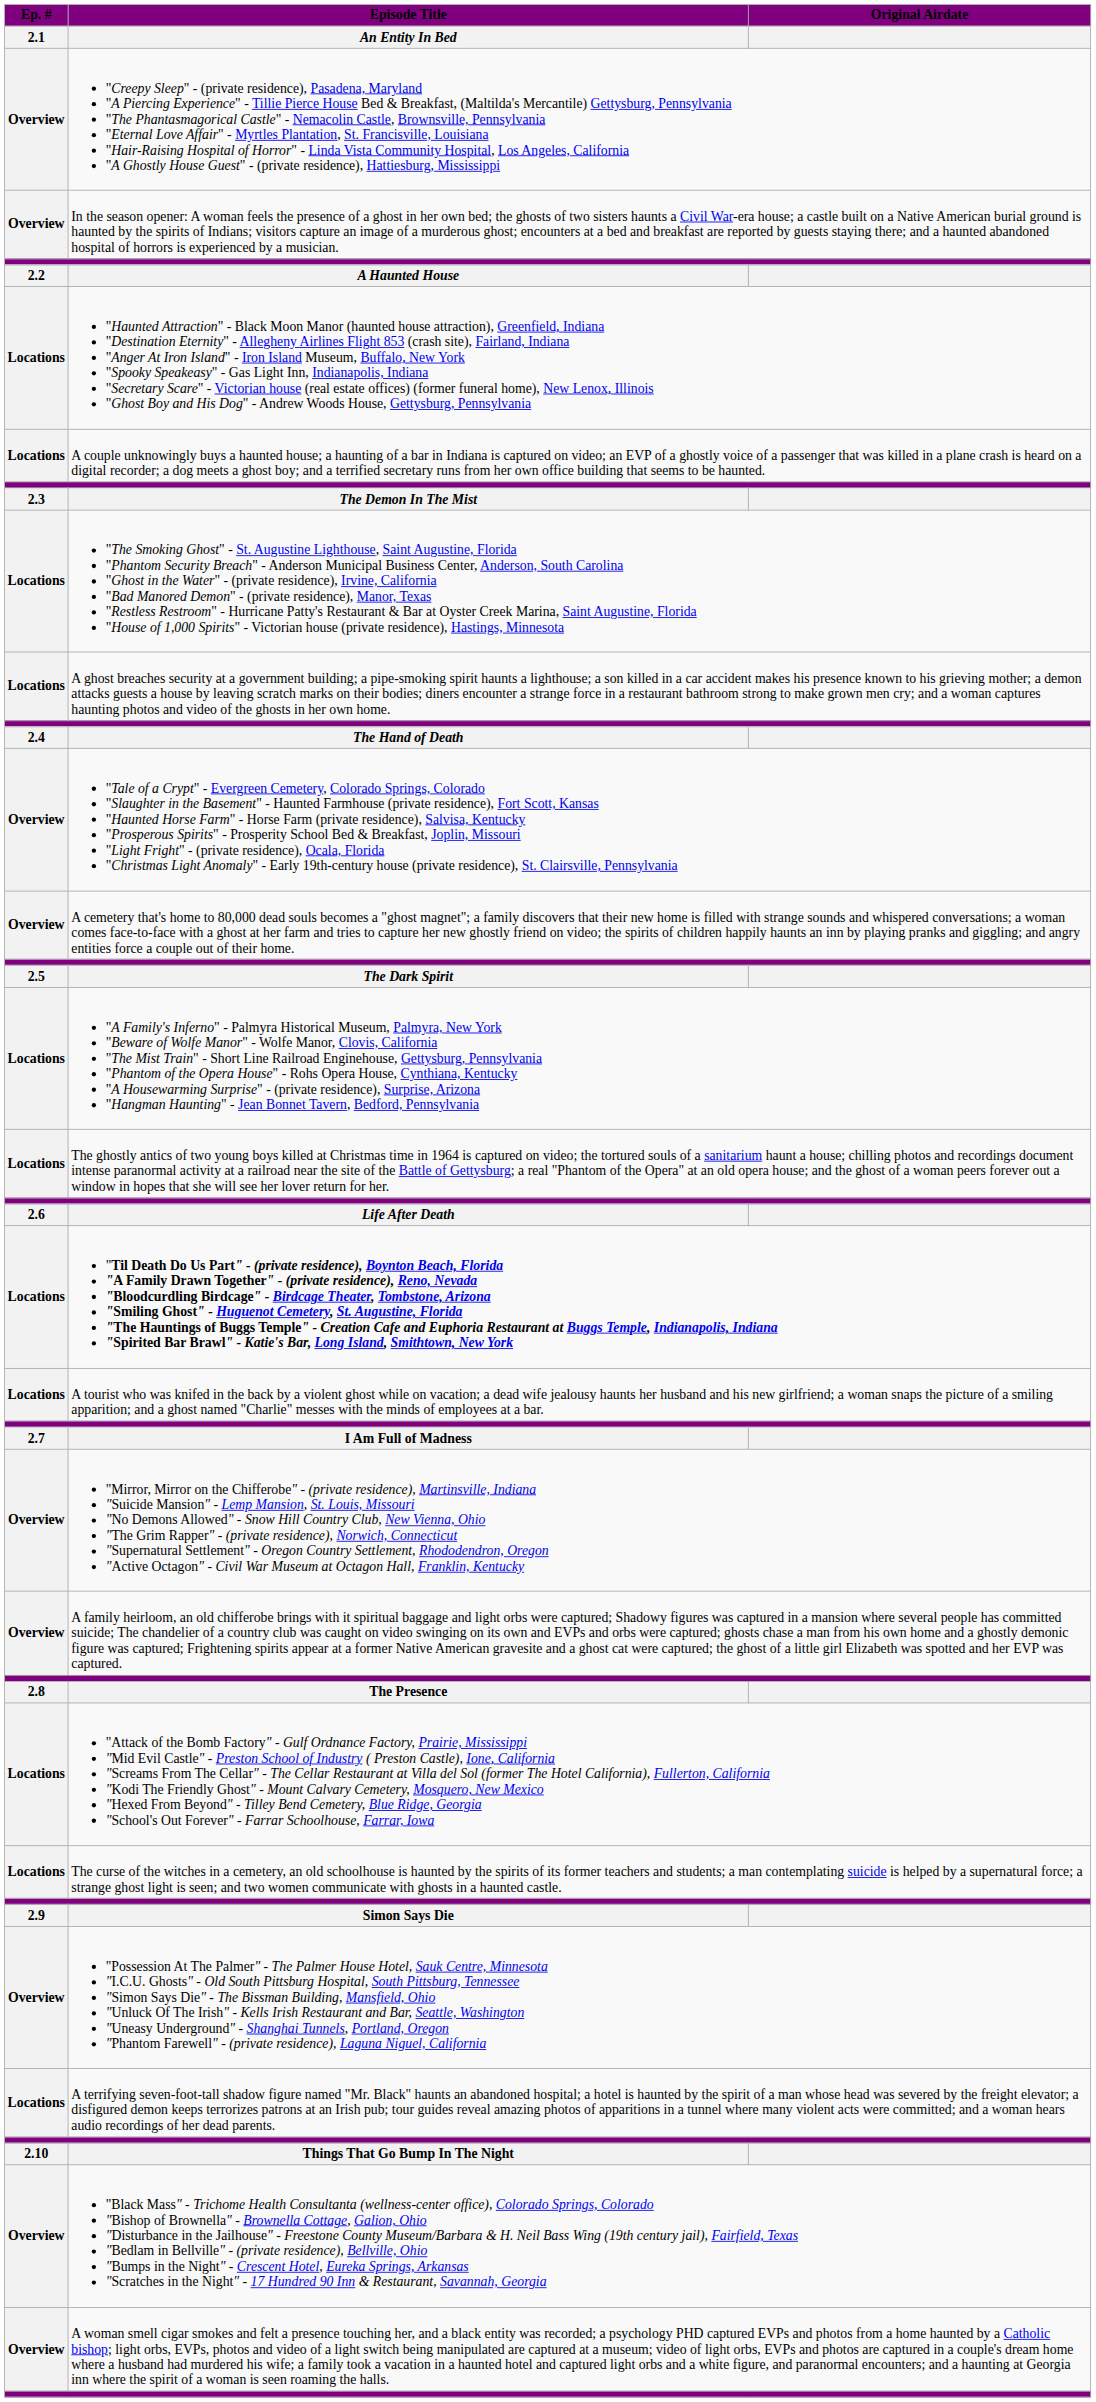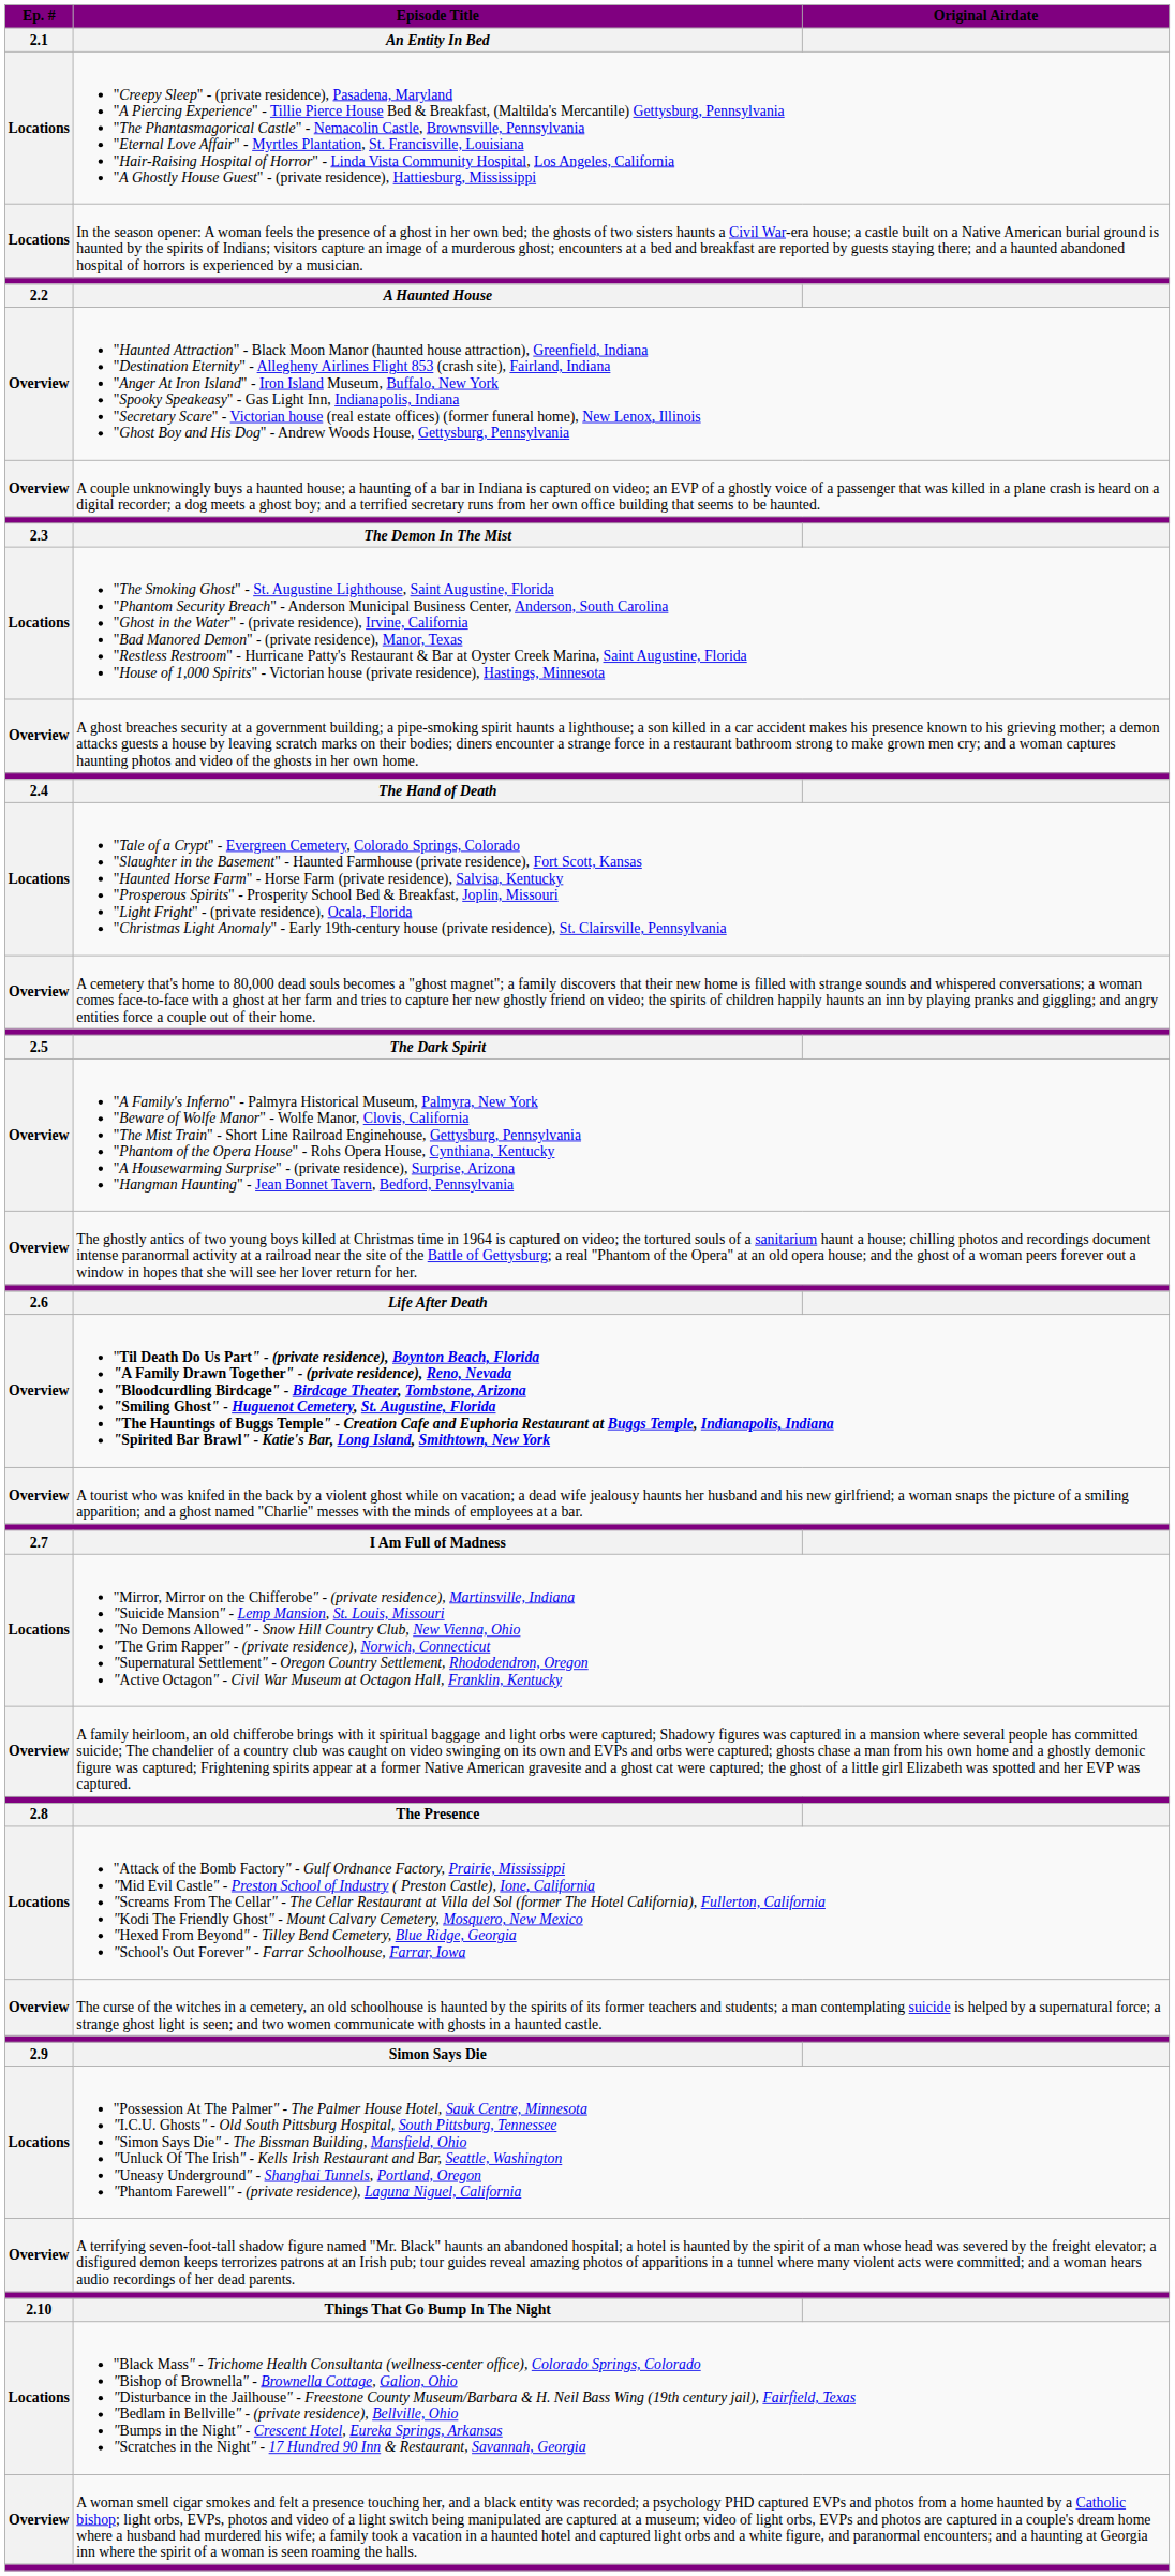 <table class="wikitable" style="width:100%;" style=background:#FFFFFF;">
 <tr>
 <th style="background:purple;"><span>Ep. #</span></th>
 <th style="background:purple;"><span>Episode Title</span></th>
 <th style="background:purple;"><span>Original Airdate</span></th>
 </tr>
 <tr>
 <th>2.1</th>
 <th><em>An Entity In Bed</em></th>
 <th></th>
 </tr>
 <tr>
-<th>Overview</th>
+<th>Locations</th>
 <td colspan="3"><br><ul><li>"<em>Creepy Sleep</em>" - (private residence), <a href='#'>Pasadena, Maryland</a></li><li>"<em>A Piercing Experience</em>" - <a href='#'>Tillie Pierce House</a> Bed & Breakfast, (Maltilda's Mercantile) <a href='#'>Gettysburg, Pennsylvania</a></li><li>"<em>The Phantasmagorical Castle</em>" - <a href='#'>Nemacolin Castle</a>, <a href='#'>Brownsville, Pennsylvania</a></li><li>"<em>Eternal Love Affair</em>" - <a href='#'>Myrtles Plantation</a>, <a href='#'>St. Francisville, Louisiana</a></li><li>"<em>Hair-Raising Hospital of Horror</em>" - <a href='#'>Linda Vista Community Hospital</a>, <a href='#'>Los Angeles, California</a></li><li>"<em>A Ghostly House Guest</em>" - (private residence), <a href='#'>Hattiesburg, Mississippi</a></li></ul></td>
 </tr>
 <tr>
-<th>Overview</th>
+<th>Locations</th>
 <td colspan="3"><br>In the season opener: A woman feels the presence of a ghost in her own bed; the ghosts of two sisters haunts a <a href='#'>Civil War</a>-era house; a castle built on a Native American burial ground is haunted by the spirits of Indians; visitors capture an image of a murderous ghost; encounters at a bed and breakfast are reported by guests staying there; and a haunted abandoned hospital of horrors is experienced by a musician.</td>
 </tr>
 <tr>
 <td colspan="3" style="background:purple;"></td>
 </tr>
 <tr>
 <th>2.2</th>
 <th><em>A Haunted House</em></th>
 <th></th>
 </tr>
 <tr>
-<th>Locations</th>
+<th>Overview</th>
 <td colspan="3"><br><ul><li>"<em>Haunted Attraction</em>" - Black Moon Manor (haunted house attraction), <a href='#'>Greenfield, Indiana</a></li><li>"<em>Destination Eternity</em>" - <a href='#'>Allegheny Airlines Flight 853</a> (crash site), <a href='#'>Fairland, Indiana</a></li><li>"<em>Anger At Iron Island</em>" - <a href='#'>Iron Island</a> Museum, <a href='#'>Buffalo, New York</a></li><li>"<em>Spooky Speakeasy</em>" - Gas Light Inn, <a href='#'>Indianapolis, Indiana</a></li><li>"<em>Secretary Scare</em>" - <a href='#'>Victorian house</a> (real estate offices) (former funeral home), <a href='#'>New Lenox, Illinois</a></li><li>"<em>Ghost Boy and His Dog</em>" - Andrew Woods House, <a href='#'>Gettysburg, Pennsylvania</a></li></ul></td>
 </tr>
 <tr>
-<th>Locations</th>
+<th>Overview</th>
 <td colspan="3"><br>A couple unknowingly buys a haunted house; a haunting of a bar in Indiana is captured on video; an EVP of a ghostly voice of a passenger that was killed in a plane crash is heard on a digital recorder; a dog meets a ghost boy; and a terrified secretary runs from her own office building that seems to be haunted.</td>
 </tr>
 <tr>
 <td colspan="3" style="background:purple;"></td>
 </tr>
 <tr>
 <th>2.3</th>
 <th><em>The Demon In The Mist</em></th>
 <th></th>
 </tr>
 <tr>
 <th>Locations</th>
 <td colspan="3"><br><ul><li>"<em>The Smoking Ghost</em>" - <a href='#'>St. Augustine Lighthouse</a>, <a href='#'>Saint Augustine, Florida</a></li><li>"<em>Phantom Security Breach</em>" - Anderson Municipal Business Center, <a href='#'>Anderson, South Carolina</a></li><li>"<em>Ghost in the Water</em>" - (private residence), <a href='#'>Irvine, California</a></li><li>"<em>Bad Manored Demon</em>" - (private residence), <a href='#'>Manor, Texas</a></li><li>"<em>Restless Restroom</em>" - Hurricane Patty's Restaurant & Bar at Oyster Creek Marina, <a href='#'>Saint Augustine, Florida</a></li><li>"<em>House of 1,000 Spirits</em>" - Victorian house (private residence), <a href='#'>Hastings, Minnesota</a></li></ul></td>
 </tr>
 <tr>
-<th>Locations</th>
+<th>Overview</th>
 <td colspan="3"><br>A ghost breaches security at a government building; a pipe-smoking spirit haunts a lighthouse; a son killed in a car accident makes his presence known to his grieving mother; a demon attacks guests a house by leaving scratch marks on their bodies; diners encounter a strange force in a restaurant bathroom strong to make grown men cry; and a woman captures haunting photos and video of the ghosts in her own home.</td>
 </tr>
 <tr>
 <td colspan="3" style="background:purple;"></td>
 </tr>
 <tr>
 <th>2.4</th>
 <th><em>The Hand of Death</em></th>
 <th></th>
 </tr>
 <tr>
-<th>Overview</th>
+<th>Locations</th>
 <td colspan="3"><br><ul><li>"<em>Tale of a Crypt</em>" - <a href='#'>Evergreen Cemetery</a>, <a href='#'>Colorado Springs, Colorado</a></li><li>"<em>Slaughter in the Basement</em>" - Haunted Farmhouse (private residence), <a href='#'>Fort Scott, Kansas</a></li><li>"<em>Haunted Horse Farm</em>" - Horse Farm (private residence), <a href='#'>Salvisa, Kentucky</a></li><li>"<em>Prosperous Spirits</em>" - Prosperity School Bed & Breakfast, <a href='#'>Joplin, Missouri</a></li><li>"<em>Light Fright</em>" - (private residence), <a href='#'>Ocala, Florida</a></li><li>"<em>Christmas Light Anomaly</em>" - Early 19th-century house (private residence), <a href='#'>St. Clairsville, Pennsylvania</a></li></ul></td>
 </tr>
 <tr>
 <th>Overview</th>
 <td colspan="3"><br>A cemetery that's home to 80,000 dead souls becomes a "ghost magnet"; a family discovers that their new home is filled with strange sounds and whispered conversations; a woman comes face-to-face with a ghost at her farm and tries to capture her new ghostly friend on video; the spirits of children happily haunts an inn by playing pranks and giggling; and angry entities force a couple out of their home.</td>
 </tr>
 <tr>
 <td colspan="3" style="background:purple;"></td>
 </tr>
 <tr>
 <th>2.5</th>
 <th><em>The Dark Spirit</em></th>
 <th></th>
 </tr>
 <tr>
-<th>Locations</th>
+<th>Overview</th>
 <td colspan="3"><br><ul><li>"<em>A Family's Inferno</em>" - Palmyra Historical Museum, <a href='#'>Palmyra, New York</a></li><li>"<em>Beware of Wolfe Manor</em>" - Wolfe Manor, <a href='#'>Clovis, California</a></li><li>"<em>The Mist Train</em>" - Short Line Railroad Enginehouse, <a href='#'>Gettysburg, Pennsylvania</a></li><li>"<em>Phantom of the Opera House</em>" - Rohs Opera House, <a href='#'>Cynthiana, Kentucky</a></li><li>"<em>A Housewarming Surprise</em>" - (private residence), <a href='#'>Surprise, Arizona</a></li><li>"<em>Hangman Haunting</em>" - <a href='#'>Jean Bonnet Tavern</a>, <a href='#'>Bedford, Pennsylvania</a></li></ul></td>
 </tr>
 <tr>
-<th>Locations</th>
+<th>Overview</th>
 <td colspan="3"><br>The ghostly antics of two young boys killed at Christmas time in 1964 is captured on video; the tortured souls of a <a href='#'>sanitarium</a> haunt a house; chilling photos and recordings document intense paranormal activity at a railroad near the site of the <a href='#'>Battle of Gettysburg</a>; a real "Phantom of the Opera" at an old opera house; and the ghost of a woman peers forever out a window in hopes that she will see her lover return for her.</td>
 </tr>
 <tr>
 <td colspan="3" style="background:purple;"></td>
 </tr>
 <tr>
 <th>2.6</th>
 <th><em>Life After Death</em></th>
 <th></th>
 </tr>
 <tr>
-<th>Locations</th>
+<th>Overview</th>
 <td colspan="3"><br><ul><li>"<strong>Til Death Do Us Part<em>" - (private residence), <a href='#'>Boynton Beach, Florida</a></li><li>"</em>A Family Drawn Together<em>" - (private residence), <a href='#'>Reno, Nevada</a></li><li>"</em>Bloodcurdling Birdcage<em>" - <a href='#'>Birdcage Theater</a>, <a href='#'>Tombstone, Arizona</a></li><li>"</em>Smiling Ghost<em>" - <a href='#'>Huguenot Cemetery</a>, <a href='#'>St. Augustine, Florida</a></li><li>"</em>The Hauntings of Buggs Temple<em>" - Creation Cafe and Euphoria Restaurant at <a href='#'>Buggs Temple</a>, <a href='#'>Indianapolis, Indiana</a></li><li>"</em>Spirited Bar Brawl<em>" - Katie's Bar, <a href='#'>Long Island</a>, <a href='#'>Smithtown, New York</a></li></ul></td>
 </tr>
 <tr>
-<th>Locations</th>
+<th>Overview</th>
 <td colspan="3"><br>A tourist who was knifed in the back by a violent ghost while on vacation; a dead wife jealousy haunts her husband and his new girlfriend; a woman snaps the picture of a smiling apparition; and a ghost named "Charlie" messes with the minds of employees at a bar.</td>
 </tr>
 <tr>
 <td colspan="3" style="background:purple;"></td>
 </tr>
 <tr>
 <th>2.7</th>
 <th></em>I Am Full of Madness<em></th>
 <th></th>
 </tr>
 <tr>
-<th>Overview</th>
+<th>Locations</th>
 <td colspan="3"><br><ul><li>"</em>Mirror, Mirror on the Chifferobe<em>" - (private residence), <a href='#'>Martinsville, Indiana</a></li><li>"</em>Suicide Mansion<em>" - <a href='#'>Lemp Mansion</a>, <a href='#'>St. Louis, Missouri</a></li><li>"</em>No Demons Allowed<em>" - Snow Hill Country Club, <a href='#'>New Vienna, Ohio</a></li><li>"</em>The Grim Rapper<em>" - (private residence), <a href='#'>Norwich, Connecticut</a></li><li>"</em>Supernatural Settlement<em>" - Oregon Country Settlement, <a href='#'>Rhododendron, Oregon</a></li><li>"</em>Active Octagon<em>" - Civil War Museum at Octagon Hall, <a href='#'>Franklin, Kentucky</a></li></ul></td>
 </tr>
 <tr>
 <th>Overview</th>
 <td colspan="3"><br>A family heirloom, an old chifferobe brings with it spiritual baggage and light orbs were captured; Shadowy figures was captured in a mansion where several people has committed suicide; The chandelier of a country club was caught on video swinging on its own and EVPs and orbs were captured; ghosts chase a man from his own home and a ghostly demonic figure was captured; Frightening spirits appear at a former Native American gravesite and a ghost cat were captured; the ghost of a little girl Elizabeth was spotted and her EVP was captured.</td>
 </tr>
 <tr>
 <td colspan="3" style="background:purple;"></td>
 </tr>
 <tr>
 <th>2.8</th>
 <th></em>The Presence<em></th>
 <th></th>
 </tr>
 <tr>
 <th>Locations</th>
 <td colspan="3"><br><ul><li>"</em>Attack of the Bomb Factory<em>" - Gulf Ordnance Factory, <a href='#'>Prairie, Mississippi</a></li><li>"</em>Mid Evil Castle<em>" - <a href='#'>Preston School of Industry</a> ( Preston Castle), <a href='#'>Ione, California</a></li><li>"</em>Screams From The Cellar<em>" - The Cellar Restaurant at Villa del Sol (former The Hotel California), <a href='#'>Fullerton, California</a></li><li>"</em>Kodi The Friendly Ghost<em>" - Mount Calvary Cemetery, <a href='#'>Mosquero, New Mexico</a></li><li>"</em>Hexed From Beyond<em>" - Tilley Bend Cemetery, <a href='#'>Blue Ridge, Georgia</a></li><li>"</em>School's Out Forever<em>" - Farrar Schoolhouse, <a href='#'>Farrar, Iowa</a></li></ul></td>
 </tr>
 <tr>
-<th>Locations</th>
+<th>Overview</th>
 <td colspan="3"><br>The curse of the witches in a cemetery, an old schoolhouse is haunted by the spirits of its former teachers and students; a man contemplating <a href='#'>suicide</a> is helped by a supernatural force; a strange ghost light is seen; and two women communicate with ghosts in a haunted castle.</td>
 </tr>
 <tr>
 <td colspan="3" style="background:purple;"></td>
 </tr>
 <tr>
 <th>2.9</th>
 <th></em>Simon Says Die<em></th>
 <th></th>
 </tr>
 <tr>
-<th>Overview</th>
+<th>Locations</th>
 <td colspan="3"><br><ul><li>"</em>Possession At The Palmer<em>" - The Palmer House Hotel, <a href='#'>Sauk Centre, Minnesota</a></li><li>"</em>I.C.U. Ghosts<em>" - Old South Pittsburg Hospital, <a href='#'>South Pittsburg, Tennessee</a></li><li>"</em>Simon Says Die<em>" - The Bissman Building, <a href='#'>Mansfield, Ohio</a></li><li>"</em>Unluck Of The Irish<em>" - Kells Irish Restaurant and Bar, <a href='#'>Seattle, Washington</a></li><li>"</em>Uneasy Underground<em>" - <a href='#'>Shanghai Tunnels</a>, <a href='#'>Portland, Oregon</a></li><li>"</em>Phantom Farewell<em>" - (private residence), <a href='#'>Laguna Niguel, California</a></li></ul></td>
 </tr>
 <tr>
-<th>Locations</th>
+<th>Overview</th>
 <td colspan="3"><br>A terrifying seven-foot-tall shadow figure named "Mr. Black" haunts an abandoned hospital; a hotel is haunted by the spirit of a man whose head was severed by the freight elevator; a disfigured demon keeps terrorizes patrons at an Irish pub; tour guides reveal amazing photos of apparitions in a tunnel where many violent acts were committed; and a woman hears audio recordings of her dead parents.</td>
 </tr>
 <tr>
 <td colspan="3" style="background:purple;"></td>
 </tr>
 <tr>
 <th>2.10</th>
 <th></em>Things That Go Bump In The Night<em></th>
 <th></th>
 </tr>
 <tr>
-<th>Overview</th>
+<th>Locations</th>
 <td colspan="3"><br><ul><li>"</em>Black Mass<em>" - Trichome Health Consultanta (wellness-center office), <a href='#'>Colorado Springs, Colorado</a></li><li>"</em>Bishop of Brownella<em>" - <a href='#'>Brownella Cottage</a>, <a href='#'>Galion, Ohio</a></li><li>"</em>Disturbance in the Jailhouse<em>" - Freestone County Museum/Barbara & H. Neil Bass Wing (19th century jail), <a href='#'>Fairfield, Texas</a></li><li>"</em>Bedlam in Bellville<em>" - (private residence), <a href='#'>Bellville, Ohio</a></li><li>"</em>Bumps in the Night<em>" - <a href='#'>Crescent Hotel</a>, <a href='#'>Eureka Springs, Arkansas</a></li><li>"</em>Scratches in the Night<em>" - <a href='#'>17 Hundred 90 Inn</a> & Restaurant, <a href='#'>Savannah, Georgia</a></li></ul></td>
 </tr>
 <tr>
 <th>Overview</th>
 <td colspan="3"><br>A woman smell cigar smokes and felt a presence touching her, and a black entity was recorded; a psychology PHD captured EVPs and photos from a home haunted by a <a href='#'>Catholic bishop</a>; light orbs, EVPs, photos and video of a light switch being manipulated are captured at a museum; video of light orbs, EVPs and photos are captured in a couple's dream home where a husband had murdered his wife; a family took a vacation in a haunted hotel and captured light orbs and a white figure, and paranormal encounters; and a haunting at Georgia inn where the spirit of a woman is seen roaming the halls.</td>
 </tr>
 <tr>
 <td colspan="3" style="background:purple;"></td>
 </tr>
 </table>
